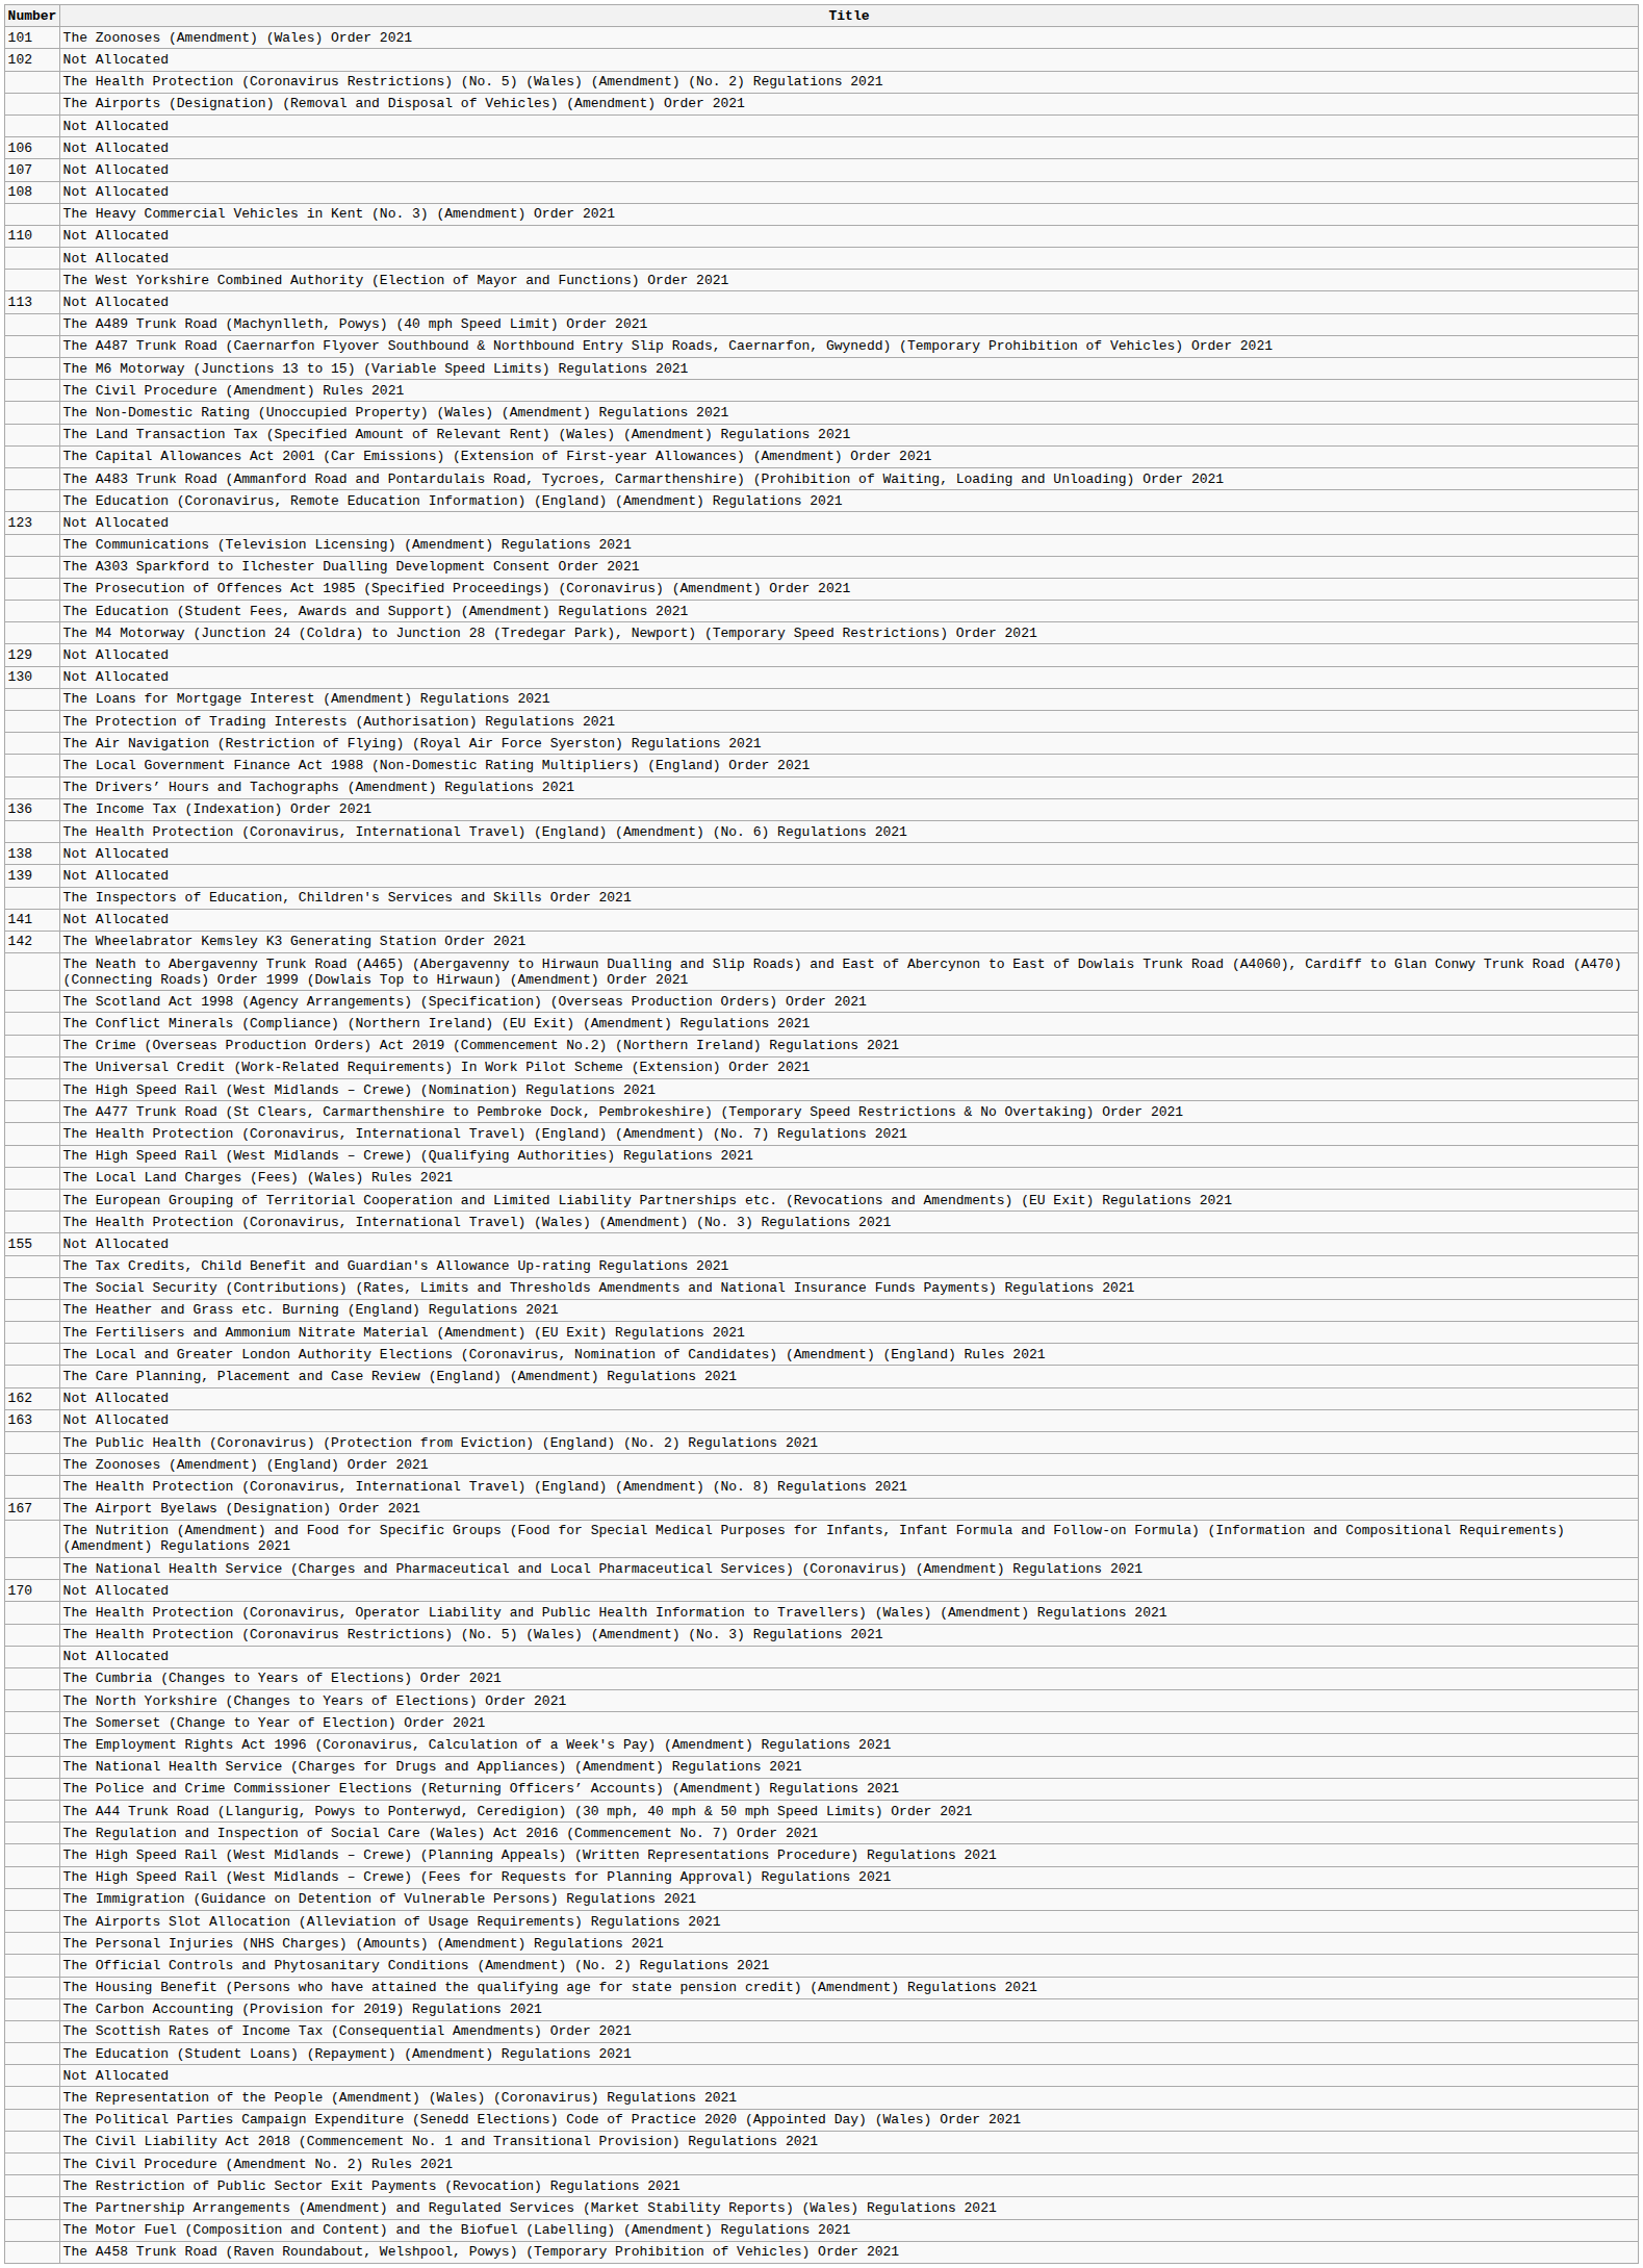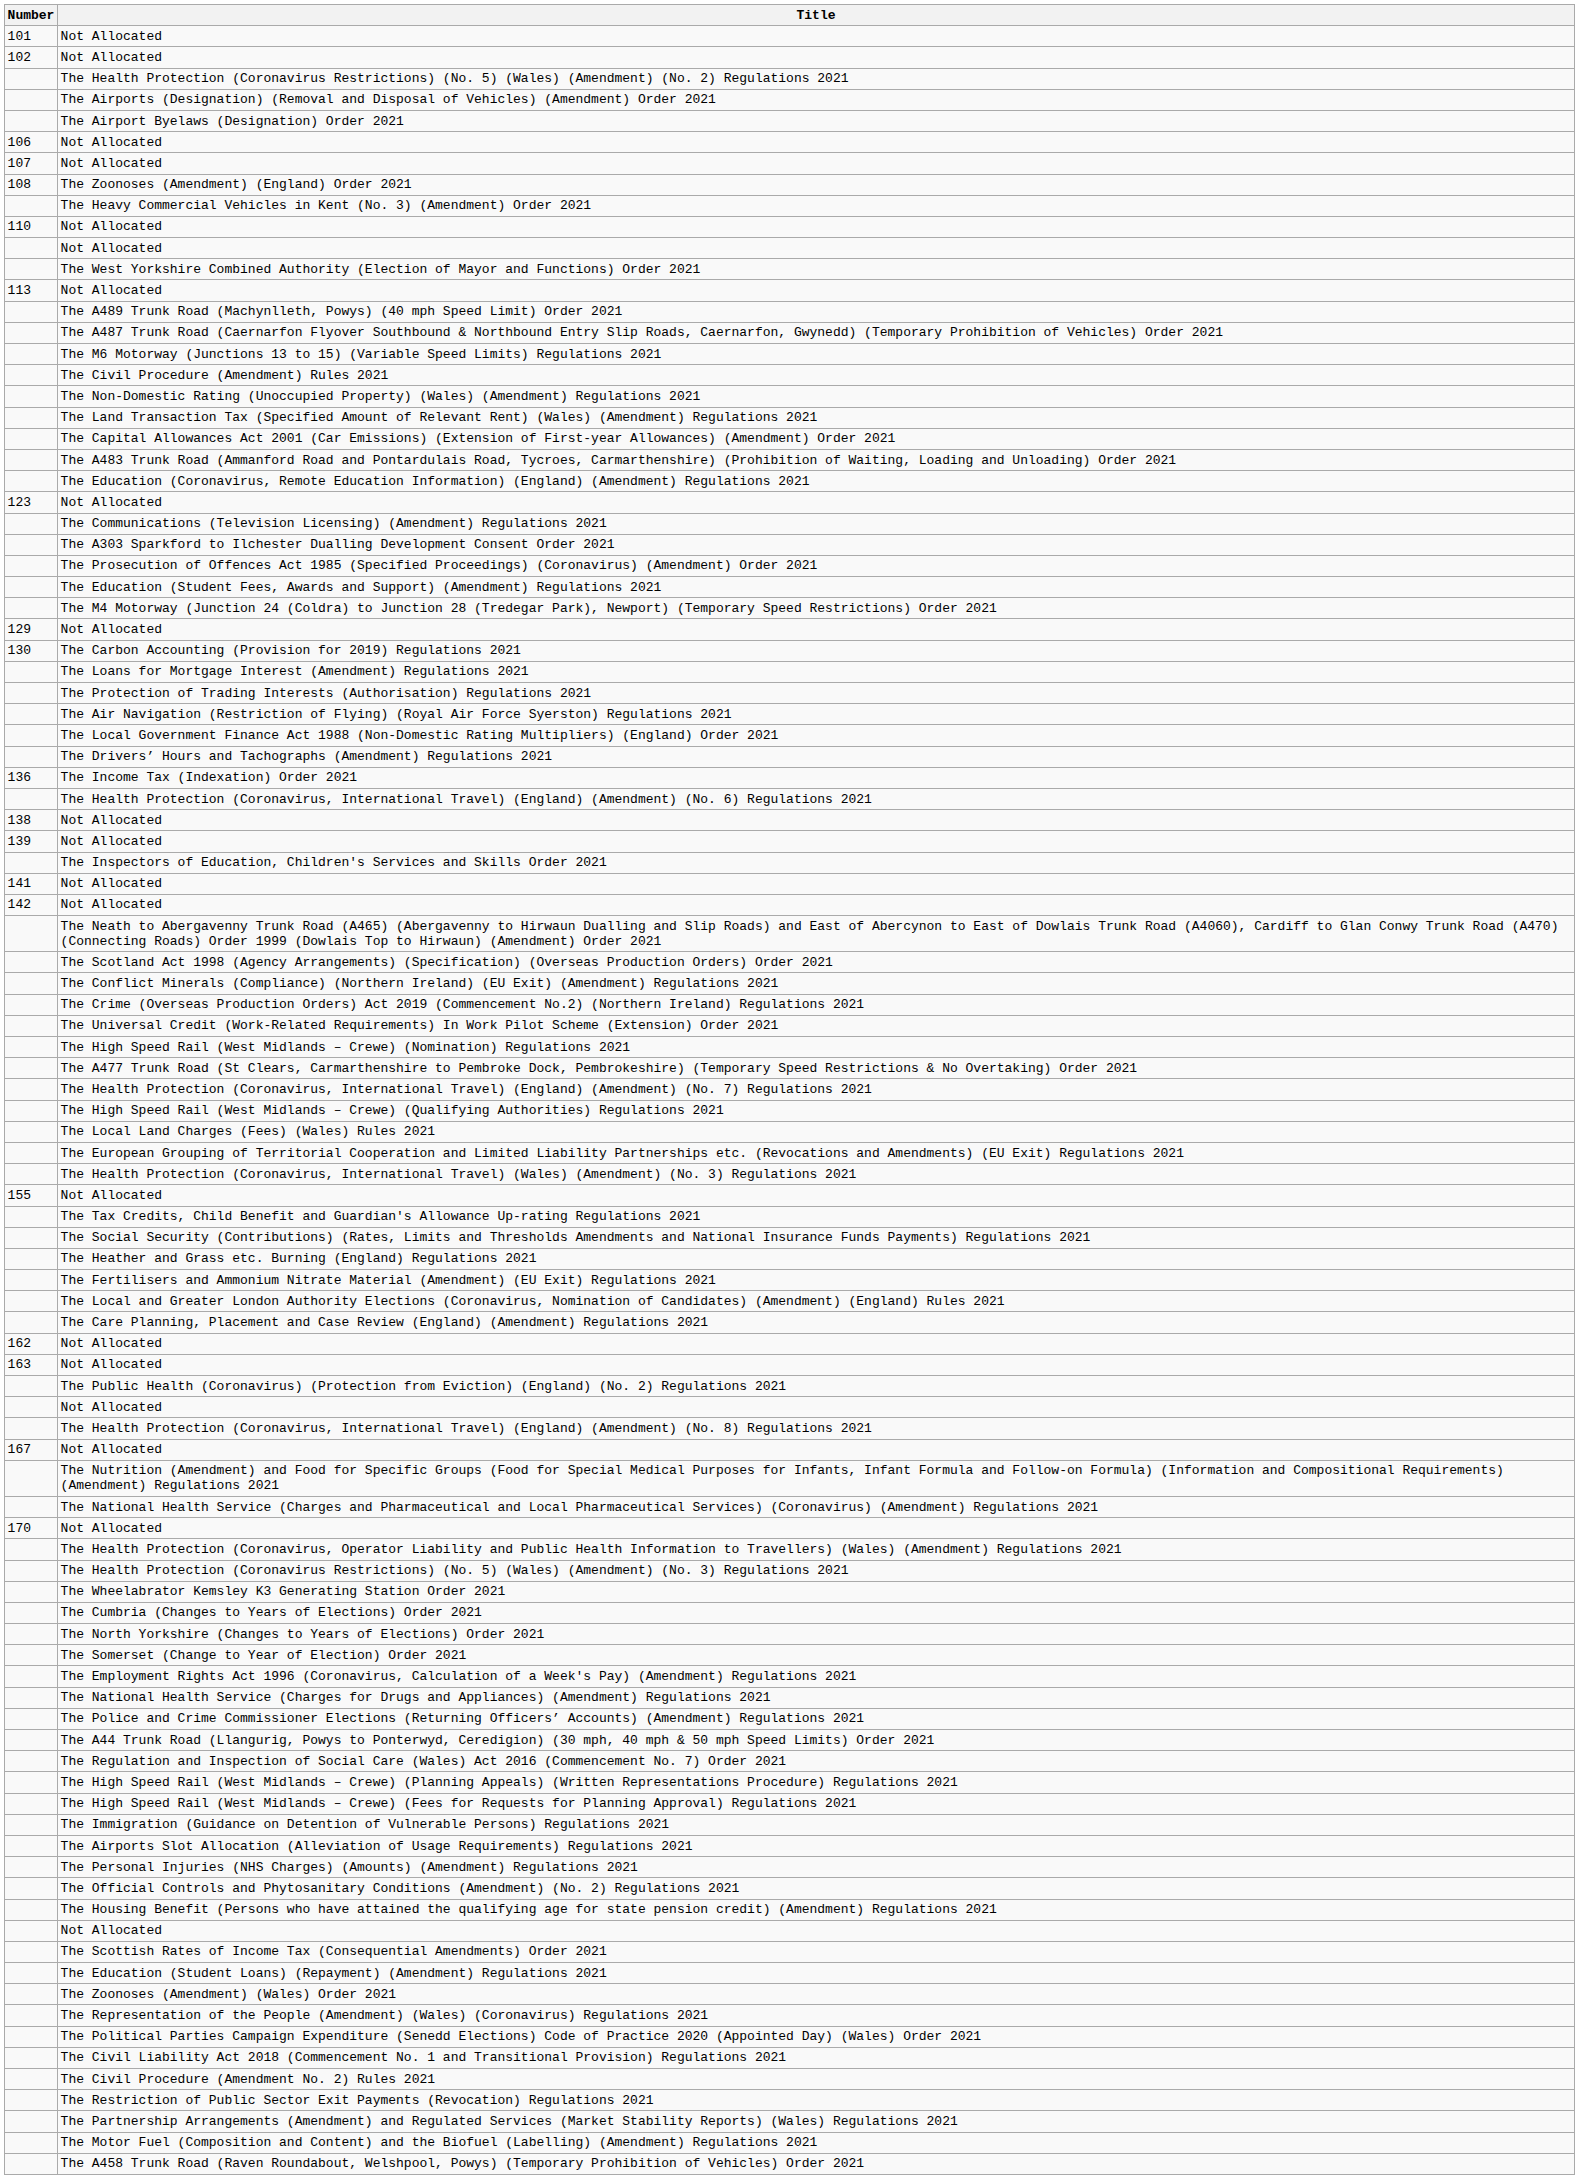 <table class="wikitable collapsible">
 <tr>
 <th>Number</th>
 <th>Title</th>
 </tr>
 <tr>
 <td>101</td>
-<td>The Zoonoses (Amendment) (Wales) Order 2021</td>
+<td>Not Allocated</td>
 </tr>
 <tr>
 <td>102</td>
 <td>Not Allocated</td>
 </tr>
 <tr>
 <td></td>
 <td>The Health Protection (Coronavirus Restrictions) (No. 5) (Wales) (Amendment) (No. 2) Regulations 2021</td>
 </tr>
 <tr>
 <td></td>
 <td>The Airports (Designation) (Removal and Disposal of Vehicles) (Amendment) Order 2021</td>
 </tr>
 <tr>
 <td></td>
-<td>Not Allocated</td>
+<td>The Airport Byelaws (Designation) Order 2021</td>
 </tr>
 <tr>
 <td>106</td>
 <td>Not Allocated</td>
 </tr>
 <tr>
 <td>107</td>
 <td>Not Allocated</td>
 </tr>
 <tr>
 <td>108</td>
-<td>Not Allocated</td>
+<td>The Zoonoses (Amendment) (England) Order 2021</td>
 </tr>
 <tr>
 <td></td>
 <td>The Heavy Commercial Vehicles in Kent (No. 3) (Amendment) Order 2021</td>
 </tr>
 <tr>
 <td>110</td>
 <td>Not Allocated</td>
 </tr>
 <tr>
 <td></td>
 <td>Not Allocated</td>
 </tr>
 <tr>
 <td></td>
 <td>The West Yorkshire Combined Authority (Election of Mayor and Functions) Order 2021</td>
 </tr>
 <tr>
 <td>113</td>
 <td>Not Allocated</td>
 </tr>
 <tr>
 <td></td>
 <td>The A489 Trunk Road (Machynlleth, Powys) (40 mph Speed Limit) Order 2021</td>
 </tr>
 <tr>
 <td></td>
 <td>The A487 Trunk Road (Caernarfon Flyover Southbound & Northbound Entry Slip Roads, Caernarfon, Gwynedd) (Temporary Prohibition of Vehicles) Order 2021</td>
 </tr>
 <tr>
 <td></td>
 <td>The M6 Motorway (Junctions 13 to 15) (Variable Speed Limits) Regulations 2021</td>
 </tr>
 <tr>
 <td></td>
 <td>The Civil Procedure (Amendment) Rules 2021</td>
 </tr>
 <tr>
 <td></td>
 <td>The Non-Domestic Rating (Unoccupied Property) (Wales) (Amendment) Regulations 2021</td>
 </tr>
 <tr>
 <td></td>
 <td>The Land Transaction Tax (Specified Amount of Relevant Rent) (Wales) (Amendment) Regulations 2021</td>
 </tr>
 <tr>
 <td></td>
 <td>The Capital Allowances Act 2001 (Car Emissions) (Extension of First-year Allowances) (Amendment) Order 2021</td>
 </tr>
 <tr>
 <td></td>
 <td>The A483 Trunk Road (Ammanford Road and Pontardulais Road, Tycroes, Carmarthenshire) (Prohibition of Waiting, Loading and Unloading) Order 2021</td>
 </tr>
 <tr>
 <td></td>
 <td>The Education (Coronavirus, Remote Education Information) (England) (Amendment) Regulations 2021</td>
 </tr>
 <tr>
 <td>123</td>
 <td>Not Allocated</td>
 </tr>
 <tr>
 <td></td>
 <td>The Communications (Television Licensing) (Amendment) Regulations 2021</td>
 </tr>
 <tr>
 <td></td>
 <td>The A303 Sparkford to Ilchester Dualling Development Consent Order 2021</td>
 </tr>
 <tr>
 <td></td>
 <td>The Prosecution of Offences Act 1985 (Specified Proceedings) (Coronavirus) (Amendment) Order 2021</td>
 </tr>
 <tr>
 <td></td>
 <td>The Education (Student Fees, Awards and Support) (Amendment) Regulations 2021</td>
 </tr>
 <tr>
 <td></td>
 <td>The M4 Motorway (Junction 24 (Coldra) to Junction 28 (Tredegar Park), Newport) (Temporary Speed Restrictions) Order 2021</td>
 </tr>
 <tr>
 <td>129</td>
 <td>Not Allocated</td>
 </tr>
 <tr>
 <td>130</td>
-<td>Not Allocated</td>
+<td>The Carbon Accounting (Provision for 2019) Regulations 2021</td>
 </tr>
 <tr>
 <td></td>
 <td>The Loans for Mortgage Interest (Amendment) Regulations 2021</td>
 </tr>
 <tr>
 <td></td>
 <td>The Protection of Trading Interests (Authorisation) Regulations 2021</td>
 </tr>
 <tr>
 <td></td>
 <td>The Air Navigation (Restriction of Flying) (Royal Air Force Syerston) Regulations 2021</td>
 </tr>
 <tr>
 <td></td>
 <td>The Local Government Finance Act 1988 (Non-Domestic Rating Multipliers) (England) Order 2021</td>
 </tr>
 <tr>
 <td></td>
 <td>The Drivers’ Hours and Tachographs (Amendment) Regulations 2021</td>
 </tr>
 <tr>
 <td>136</td>
 <td>The Income Tax (Indexation) Order 2021</td>
 </tr>
 <tr>
 <td></td>
 <td>The Health Protection (Coronavirus, International Travel) (England) (Amendment) (No. 6) Regulations 2021</td>
 </tr>
 <tr>
 <td>138</td>
 <td>Not Allocated</td>
 </tr>
 <tr>
 <td>139</td>
 <td>Not Allocated</td>
 </tr>
 <tr>
 <td></td>
 <td>The Inspectors of Education, Children's Services and Skills Order 2021</td>
 </tr>
 <tr>
 <td>141</td>
 <td>Not Allocated</td>
 </tr>
 <tr>
 <td>142</td>
-<td>The Wheelabrator Kemsley K3 Generating Station Order 2021</td>
+<td>Not Allocated</td>
 </tr>
 <tr>
 <td></td>
 <td>The Neath to Abergavenny Trunk Road (A465) (Abergavenny to Hirwaun Dualling and Slip Roads) and East of Abercynon to East of Dowlais Trunk Road (A4060), Cardiff to Glan Conwy Trunk Road (A470) (Connecting Roads) Order 1999 (Dowlais Top to Hirwaun) (Amendment) Order 2021</td>
 </tr>
 <tr>
 <td></td>
 <td>The Scotland Act 1998 (Agency Arrangements) (Specification) (Overseas Production Orders) Order 2021</td>
 </tr>
 <tr>
 <td></td>
 <td>The Conflict Minerals (Compliance) (Northern Ireland) (EU Exit) (Amendment) Regulations 2021</td>
 </tr>
 <tr>
 <td></td>
 <td>The Crime (Overseas Production Orders) Act 2019 (Commencement No.2) (Northern Ireland) Regulations 2021</td>
 </tr>
 <tr>
 <td></td>
 <td>The Universal Credit (Work-Related Requirements) In Work Pilot Scheme (Extension) Order 2021</td>
 </tr>
 <tr>
 <td></td>
 <td>The High Speed Rail (West Midlands – Crewe) (Nomination) Regulations 2021</td>
 </tr>
 <tr>
 <td></td>
 <td>The A477 Trunk Road (St Clears, Carmarthenshire to Pembroke Dock, Pembrokeshire) (Temporary Speed Restrictions & No Overtaking) Order 2021</td>
 </tr>
 <tr>
 <td></td>
 <td>The Health Protection (Coronavirus, International Travel) (England) (Amendment) (No. 7) Regulations 2021</td>
 </tr>
 <tr>
 <td></td>
 <td>The High Speed Rail (West Midlands – Crewe) (Qualifying Authorities) Regulations 2021</td>
 </tr>
 <tr>
 <td></td>
 <td>The Local Land Charges (Fees) (Wales) Rules 2021</td>
 </tr>
 <tr>
 <td></td>
 <td>The European Grouping of Territorial Cooperation and Limited Liability Partnerships etc. (Revocations and Amendments) (EU Exit) Regulations 2021</td>
 </tr>
 <tr>
 <td></td>
 <td>The Health Protection (Coronavirus, International Travel) (Wales) (Amendment) (No. 3) Regulations 2021</td>
 </tr>
 <tr>
 <td>155</td>
 <td>Not Allocated</td>
 </tr>
 <tr>
 <td></td>
 <td>The Tax Credits, Child Benefit and Guardian's Allowance Up-rating Regulations 2021</td>
 </tr>
 <tr>
 <td></td>
 <td>The Social Security (Contributions) (Rates, Limits and Thresholds Amendments and National Insurance Funds Payments) Regulations 2021</td>
 </tr>
 <tr>
 <td></td>
 <td>The Heather and Grass etc. Burning (England) Regulations 2021</td>
 </tr>
 <tr>
 <td></td>
 <td>The Fertilisers and Ammonium Nitrate Material (Amendment) (EU Exit) Regulations 2021</td>
 </tr>
 <tr>
 <td></td>
 <td>The Local and Greater London Authority Elections (Coronavirus, Nomination of Candidates) (Amendment) (England) Rules 2021</td>
 </tr>
 <tr>
 <td></td>
 <td>The Care Planning, Placement and Case Review (England) (Amendment) Regulations 2021</td>
 </tr>
 <tr>
 <td>162</td>
 <td>Not Allocated</td>
 </tr>
 <tr>
 <td>163</td>
 <td>Not Allocated</td>
 </tr>
 <tr>
 <td></td>
 <td>The Public Health (Coronavirus) (Protection from Eviction) (England) (No. 2) Regulations 2021</td>
 </tr>
 <tr>
 <td></td>
-<td>The Zoonoses (Amendment) (England) Order 2021</td>
+<td>Not Allocated</td>
 </tr>
 <tr>
 <td></td>
 <td>The Health Protection (Coronavirus, International Travel) (England) (Amendment) (No. 8) Regulations 2021</td>
 </tr>
 <tr>
 <td>167</td>
-<td>The Airport Byelaws (Designation) Order 2021</td>
+<td>Not Allocated</td>
 </tr>
 <tr>
 <td></td>
 <td>The Nutrition (Amendment) and Food for Specific Groups (Food for Special Medical Purposes for Infants, Infant Formula and Follow-on Formula) (Information and Compositional Requirements) (Amendment) Regulations 2021</td>
 </tr>
 <tr>
 <td></td>
 <td>The National Health Service (Charges and Pharmaceutical and Local Pharmaceutical Services) (Coronavirus) (Amendment) Regulations 2021</td>
 </tr>
 <tr>
 <td>170</td>
 <td>Not Allocated</td>
 </tr>
 <tr>
 <td></td>
 <td>The Health Protection (Coronavirus, Operator Liability and Public Health Information to Travellers) (Wales) (Amendment) Regulations 2021</td>
 </tr>
 <tr>
 <td></td>
 <td>The Health Protection (Coronavirus Restrictions) (No. 5) (Wales) (Amendment) (No. 3) Regulations 2021</td>
 </tr>
 <tr>
 <td></td>
-<td>Not Allocated</td>
+<td>The Wheelabrator Kemsley K3 Generating Station Order 2021</td>
 </tr>
 <tr>
 <td></td>
 <td>The Cumbria (Changes to Years of Elections) Order 2021</td>
 </tr>
 <tr>
 <td></td>
 <td>The North Yorkshire (Changes to Years of Elections) Order 2021</td>
 </tr>
 <tr>
 <td></td>
 <td>The Somerset (Change to Year of Election) Order 2021</td>
 </tr>
 <tr>
 <td></td>
 <td>The Employment Rights Act 1996 (Coronavirus, Calculation of a Week's Pay) (Amendment) Regulations 2021</td>
 </tr>
 <tr>
 <td></td>
 <td>The National Health Service (Charges for Drugs and Appliances) (Amendment) Regulations 2021</td>
 </tr>
 <tr>
 <td></td>
 <td>The Police and Crime Commissioner Elections (Returning Officers’ Accounts) (Amendment) Regulations 2021</td>
 </tr>
 <tr>
 <td></td>
 <td>The A44 Trunk Road (Llangurig, Powys to Ponterwyd, Ceredigion) (30 mph, 40 mph & 50 mph Speed Limits) Order 2021</td>
 </tr>
 <tr>
 <td></td>
 <td>The Regulation and Inspection of Social Care (Wales) Act 2016 (Commencement No. 7) Order 2021</td>
 </tr>
 <tr>
 <td></td>
 <td>The High Speed Rail (West Midlands – Crewe) (Planning Appeals) (Written Representations Procedure) Regulations 2021</td>
 </tr>
 <tr>
 <td></td>
 <td>The High Speed Rail (West Midlands – Crewe) (Fees for Requests for Planning Approval) Regulations 2021</td>
 </tr>
 <tr>
 <td></td>
 <td>The Immigration (Guidance on Detention of Vulnerable Persons) Regulations 2021</td>
 </tr>
 <tr>
 <td></td>
 <td>The Airports Slot Allocation (Alleviation of Usage Requirements) Regulations 2021</td>
 </tr>
 <tr>
 <td></td>
 <td>The Personal Injuries (NHS Charges) (Amounts) (Amendment) Regulations 2021</td>
 </tr>
 <tr>
 <td></td>
 <td>The Official Controls and Phytosanitary Conditions (Amendment) (No. 2) Regulations 2021</td>
 </tr>
 <tr>
 <td></td>
 <td>The Housing Benefit (Persons who have attained the qualifying age for state pension credit) (Amendment) Regulations 2021</td>
 </tr>
 <tr>
 <td></td>
-<td>The Carbon Accounting (Provision for 2019) Regulations 2021</td>
+<td>Not Allocated</td>
 </tr>
 <tr>
 <td></td>
 <td>The Scottish Rates of Income Tax (Consequential Amendments) Order 2021</td>
 </tr>
 <tr>
 <td></td>
 <td>The Education (Student Loans) (Repayment) (Amendment) Regulations 2021</td>
 </tr>
 <tr>
 <td></td>
-<td>Not Allocated</td>
+<td>The Zoonoses (Amendment) (Wales) Order 2021</td>
 </tr>
 <tr>
 <td></td>
 <td>The Representation of the People (Amendment) (Wales) (Coronavirus) Regulations 2021</td>
 </tr>
 <tr>
 <td></td>
 <td>The Political Parties Campaign Expenditure (Senedd Elections) Code of Practice 2020 (Appointed Day) (Wales) Order 2021</td>
 </tr>
 <tr>
 <td></td>
 <td>The Civil Liability Act 2018 (Commencement No. 1 and Transitional Provision) Regulations 2021</td>
 </tr>
 <tr>
 <td></td>
 <td>The Civil Procedure (Amendment No. 2) Rules 2021</td>
 </tr>
 <tr>
 <td></td>
 <td>The Restriction of Public Sector Exit Payments (Revocation) Regulations 2021</td>
 </tr>
 <tr>
 <td></td>
 <td>The Partnership Arrangements (Amendment) and Regulated Services (Market Stability Reports) (Wales) Regulations 2021</td>
 </tr>
 <tr>
 <td></td>
 <td>The Motor Fuel (Composition and Content) and the Biofuel (Labelling) (Amendment) Regulations 2021</td>
 </tr>
 <tr>
 <td></td>
 <td>The A458 Trunk Road (Raven Roundabout, Welshpool, Powys) (Temporary Prohibition of Vehicles) Order 2021</td>
 </tr>
 </table>
